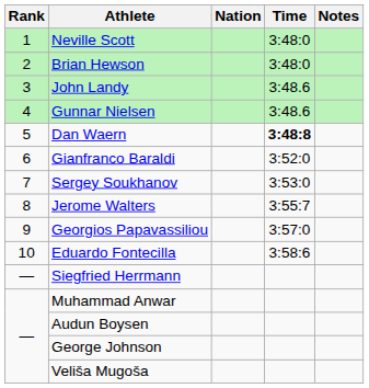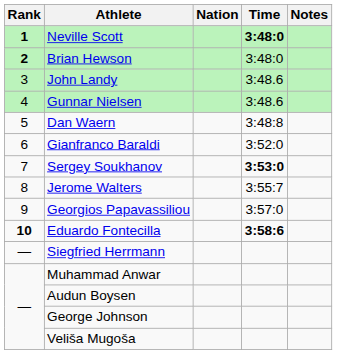 <table class="wikitable sortable" style="text-align:center">
 <tr>
 <th>Rank</th>
 <th>Athlete</th>
 <th>Nation</th>
 <th>Time</th>
 <th>Notes</th>
 </tr>
 <tr bgcolor=bbf3bb>
-<td>1</td>
+<td><strong>1</strong></td>
 <td align=left><a href='#'>Neville Scott</a></td>
 <td align=left></td>
-<td>3:48:0</td>
+<td><strong>3:48:0</strong></td>
 <td></td>
 </tr>
 <tr bgcolor=bbf3bb>
-<td>2</td>
+<td><strong>2</strong></td>
 <td align=left><a href='#'>Brian Hewson</a></td>
 <td align=left></td>
 <td>3:48:0</td>
 <td></td>
 </tr>
 <tr bgcolor=bbf3bb>
 <td>3</td>
 <td align=left><a href='#'>John Landy</a></td>
 <td align=left></td>
 <td>3:48.6</td>
 <td></td>
 </tr>
 <tr bgcolor=bbf3bb>
 <td>4</td>
 <td align=left><a href='#'>Gunnar Nielsen</a></td>
 <td align=left></td>
 <td>3:48.6</td>
 <td></td>
 </tr>
 <tr>
 <td>5</td>
 <td align=left><a href='#'>Dan Waern</a></td>
 <td align=left></td>
-<td><strong>3:48:8</strong></td>
+<td>3:48:8</td>
 <td></td>
 </tr>
 <tr>
 <td>6</td>
 <td align=left><a href='#'>Gianfranco Baraldi</a></td>
 <td align=left></td>
 <td>3:52:0</td>
 <td></td>
 </tr>
 <tr>
 <td>7</td>
 <td align=left><a href='#'>Sergey Soukhanov</a></td>
 <td align=left></td>
-<td>3:53:0</td>
+<td><strong>3:53:0</strong></td>
 <td></td>
 </tr>
 <tr>
 <td>8</td>
 <td align=left><a href='#'>Jerome Walters</a></td>
 <td align=left></td>
 <td>3:55:7</td>
 <td></td>
 </tr>
 <tr>
 <td>9</td>
 <td align=left><a href='#'>Georgios Papavassiliou</a></td>
 <td align=left></td>
 <td>3:57:0</td>
 <td></td>
 </tr>
 <tr>
-<td>10</td>
+<td><strong>10</strong></td>
 <td align=left><a href='#'>Eduardo Fontecilla</a></td>
 <td align=left></td>
-<td>3:58:6</td>
+<td><strong>3:58:6</strong></td>
 <td></td>
 </tr>
 <tr>
 <td data-sort-value=11>—</td>
 <td align=left><a href='#'>Siegfried Herrmann</a></td>
 <td align=left></td>
 <td></td>
 <td></td>
 </tr>
 <tr>
 <td rowspan=4 data-sort-value=12>—</td>
 <td align=left>Muhammad Anwar</td>
 <td align=left></td>
 <td></td>
 <td></td>
 </tr>
 <tr>
 <td align=left>Audun Boysen</td>
 <td align=left></td>
 <td></td>
 <td></td>
 </tr>
 <tr>
 <td align=left>George Johnson</td>
 <td align=left></td>
 <td></td>
 <td></td>
 </tr>
 <tr>
 <td align=left>Veliša Mugoša</td>
 <td align=left></td>
 <td></td>
 <td></td>
 </tr>
 </table>
